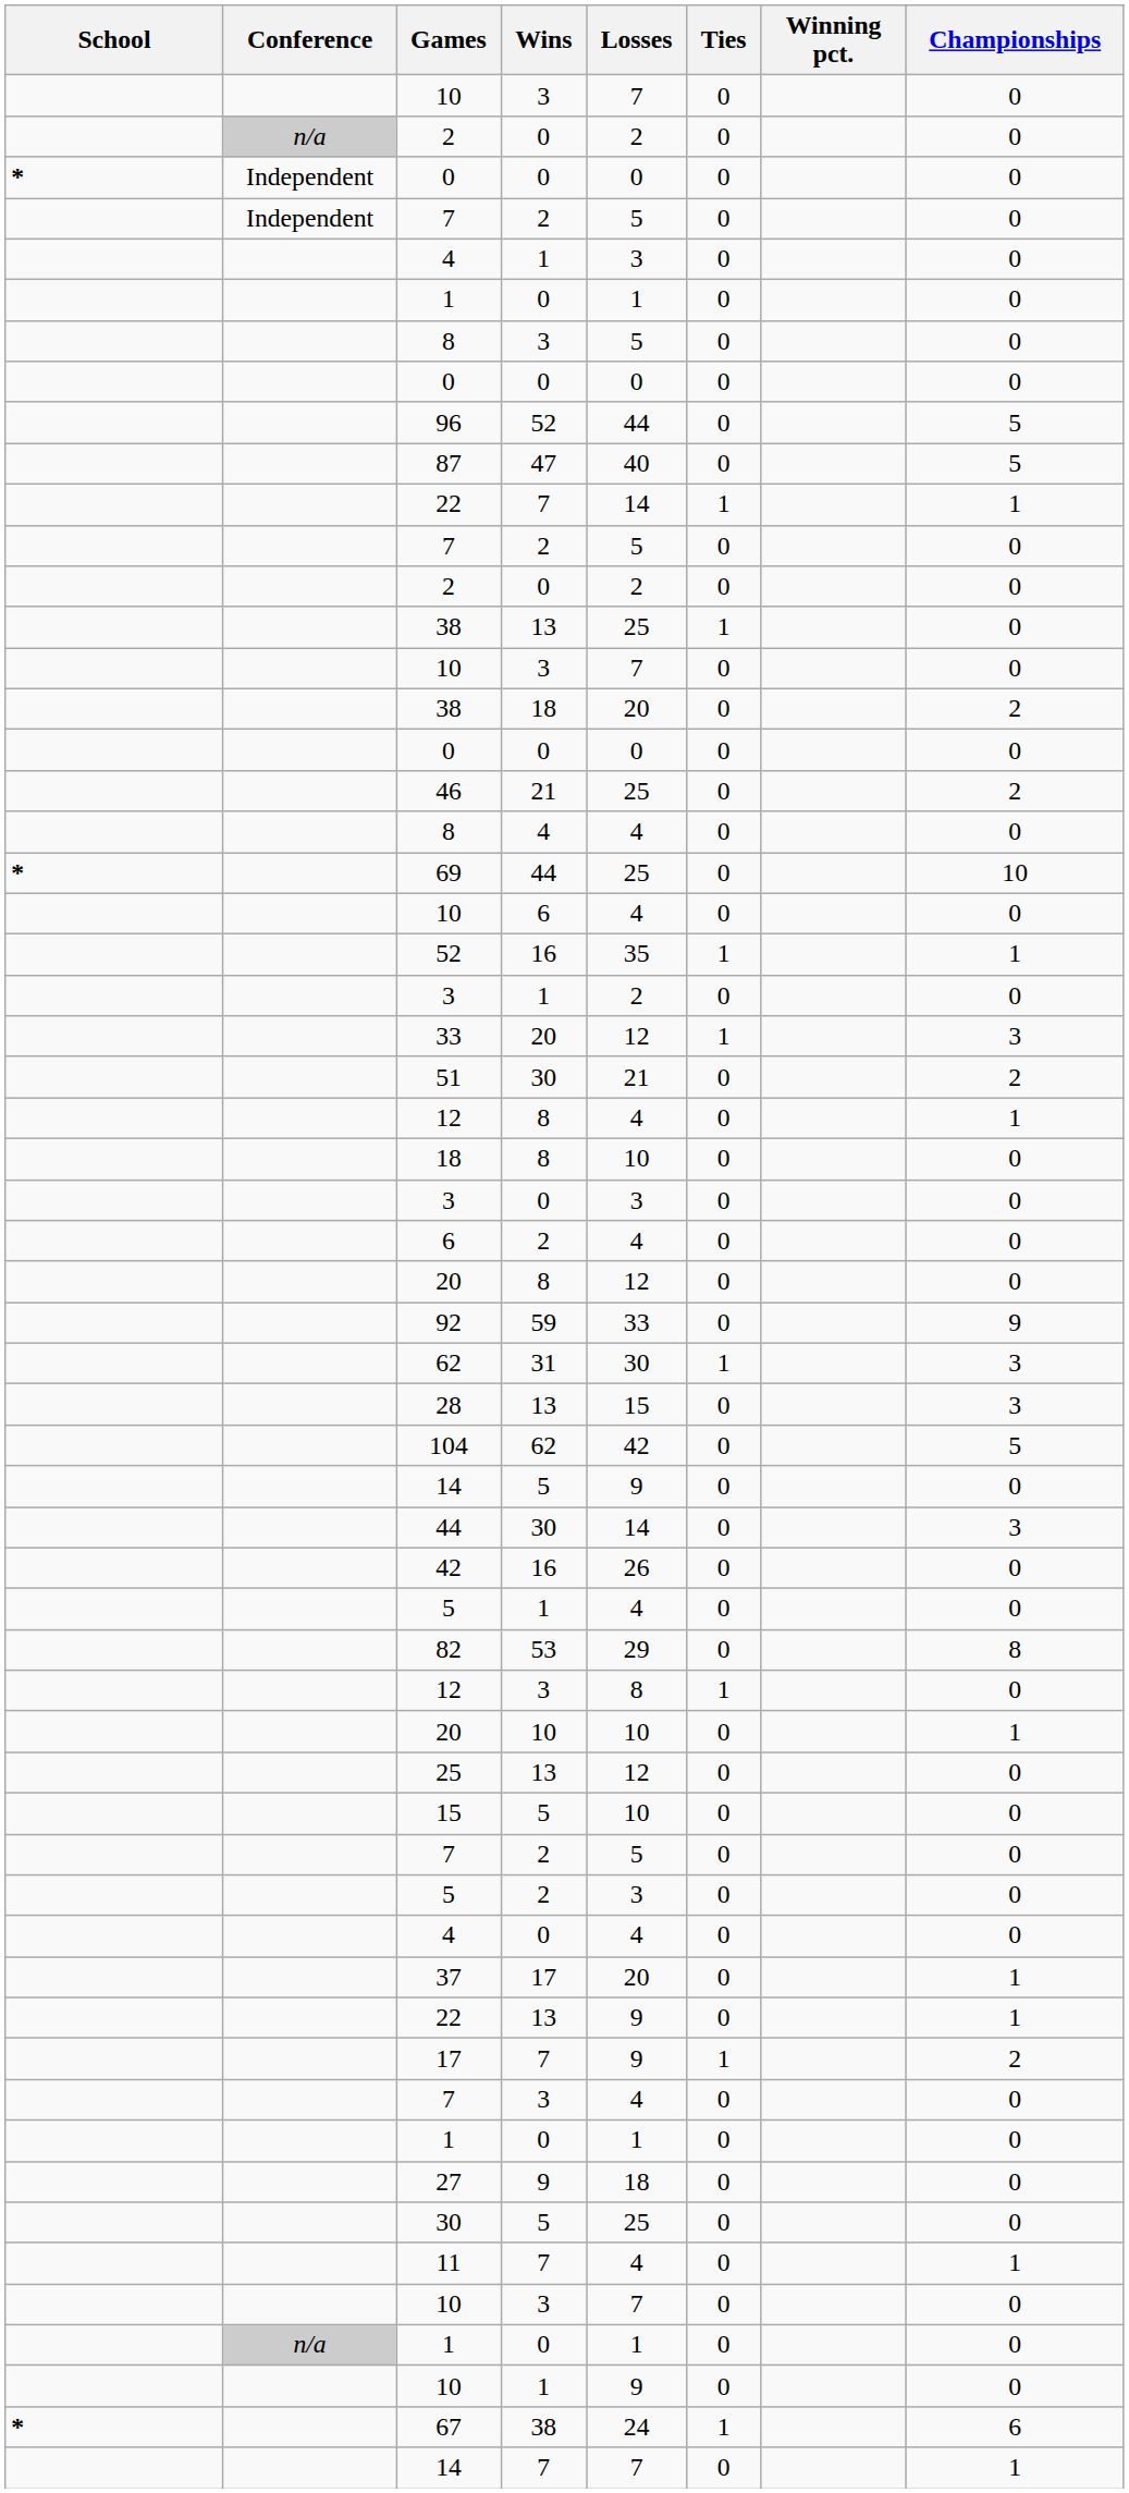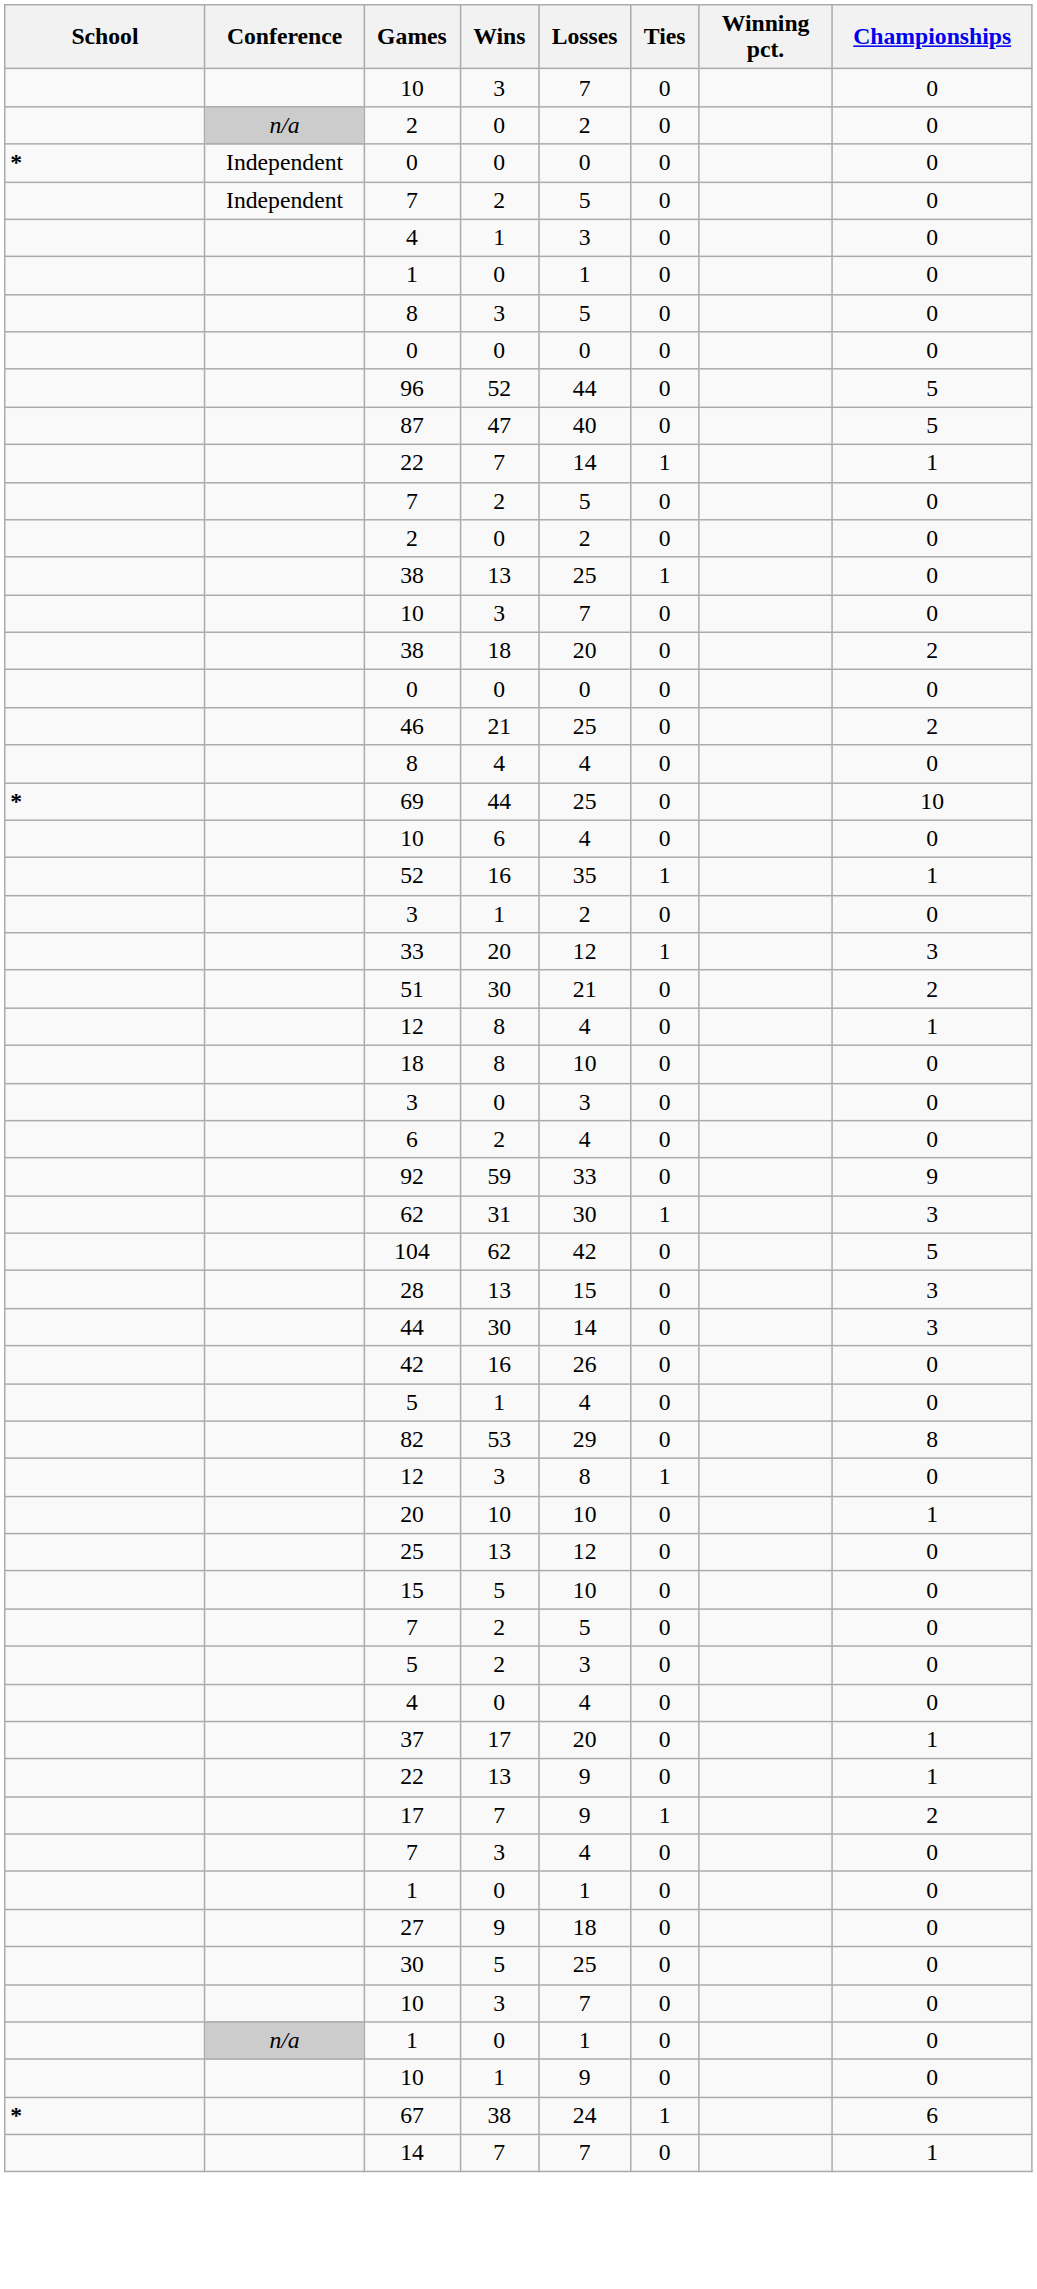 <table class="wikitable sortable" style="text-align:center" width=55%>
 <tr>
 <th width=15%>School</th>
 <th width=10%>Conference</th>
 <th width=5%>Games</th>
 <th width=5%>Wins</th>
 <th width=5%>Losses</th>
 <th width=5%>Ties</th>
 <th width=10%>Winning pct.</th>
 <th width=10%><a href='#'>Championships</a></th>
 </tr>
 <tr>
 <td align=left><strong><a href='#'></a></strong></td>
 <td><a href='#'></a></td>
 <td>10</td>
 <td>3</td>
 <td>7</td>
 <td>0</td>
 <td></td>
 <td>0</td>
 </tr>
 <tr>
 <td align=left><strong><em><a href='#'></a></em></strong></td>
 <td bgcolor=cccccc><em>n/a</em></td>
 <td>2</td>
 <td>0</td>
 <td>2</td>
 <td>0</td>
 <td></td>
 <td>0</td>
 </tr>
 <tr>
 <td align=left><strong><a href='#'></a>*</strong></td>
 <td>Independent</td>
 <td>0</td>
 <td>0</td>
 <td>0</td>
 <td>0</td>
 <td></td>
 <td>0</td>
 </tr>
 <tr>
 <td align=left><strong><a href='#'></a></strong></td>
 <td>Independent</td>
 <td>7</td>
 <td>2</td>
 <td>5</td>
 <td>0</td>
 <td></td>
 <td>0</td>
 </tr>
 <tr>
 <td align=left><strong><a href='#'></a></strong></td>
 <td><a href='#'></a></td>
 <td>4</td>
 <td>1</td>
 <td>3</td>
 <td>0</td>
 <td></td>
 <td>0</td>
 </tr>
 <tr>
 <td align=left><strong><a href='#'></a></strong></td>
 <td><a href='#'></a></td>
 <td>1</td>
 <td>0</td>
 <td>1</td>
 <td>0</td>
 <td></td>
 <td>0</td>
 </tr>
 <tr>
 <td align=left><strong><a href='#'></a></strong></td>
 <td><a href='#'></a></td>
 <td>8</td>
 <td>3</td>
 <td>5</td>
 <td>0</td>
 <td></td>
 <td>0</td>
 </tr>
 <tr>
 <td align=left><strong><a href='#'></a></strong></td>
 <td><a href='#'></a></td>
 <td>0</td>
 <td>0</td>
 <td>0</td>
 <td>0</td>
 <td></td>
 <td>0</td>
 </tr>
 <tr>
 <td align=left><strong><a href='#'></a></strong></td>
 <td><a href='#'></a></td>
 <td>96</td>
 <td>52</td>
 <td>44</td>
 <td>0</td>
 <td></td>
 <td>5</td>
 </tr>
 <tr>
 <td align=left><strong><a href='#'></a></strong></td>
 <td><a href='#'></a></td>
 <td>87</td>
 <td>47</td>
 <td>40</td>
 <td>0</td>
 <td></td>
 <td>5</td>
 </tr>
 <tr>
 <td align=left><strong><a href='#'></a></strong></td>
 <td><a href='#'></a></td>
 <td>22</td>
 <td>7</td>
 <td>14</td>
 <td>1</td>
 <td></td>
 <td>1</td>
 </tr>
 <tr>
 <td align=left><strong><a href='#'></a></strong></td>
 <td><a href='#'></a></td>
 <td>7</td>
 <td>2</td>
 <td>5</td>
 <td>0</td>
 <td></td>
 <td>0</td>
 </tr>
 <tr>
 <td align=left><strong><a href='#'></a></strong></td>
 <td><a href='#'></a></td>
 <td>2</td>
 <td>0</td>
 <td>2</td>
 <td>0</td>
 <td></td>
 <td>0</td>
 </tr>
 <tr>
 <td align=left><strong><a href='#'></a></strong></td>
 <td><a href='#'></a></td>
 <td>38</td>
 <td>13</td>
 <td>25</td>
 <td>1</td>
 <td></td>
 <td>0</td>
 </tr>
 <tr>
 <td align=left><strong><a href='#'></a></strong></td>
 <td><a href='#'></a></td>
 <td>10</td>
 <td>3</td>
 <td>7</td>
 <td>0</td>
 <td></td>
 <td>0</td>
 </tr>
 <tr>
 <td align=left><strong><a href='#'></a></strong></td>
 <td><a href='#'></a></td>
 <td>38</td>
 <td>18</td>
 <td>20</td>
 <td>0</td>
 <td></td>
 <td>2</td>
 </tr>
 <tr>
 <td align=left><strong><a href='#'></a></strong></td>
 <td><a href='#'></a></td>
 <td>0</td>
 <td>0</td>
 <td>0</td>
 <td>0</td>
 <td></td>
 <td>0</td>
 </tr>
 <tr>
 <td align=left><strong><a href='#'></a></strong></td>
 <td><a href='#'></a></td>
 <td>46</td>
 <td>21</td>
 <td>25</td>
 <td>0</td>
 <td></td>
 <td>2</td>
 </tr>
 <tr>
 <td align=left><strong><a href='#'></a></strong></td>
 <td><a href='#'></a></td>
 <td>8</td>
 <td>4</td>
 <td>4</td>
 <td>0</td>
 <td></td>
 <td>0</td>
 </tr>
 <tr>
 <td align=left><strong><a href='#'></a>*</strong></td>
 <td><a href='#'></a></td>
 <td>69</td>
 <td>44</td>
 <td>25</td>
 <td>0</td>
 <td></td>
 <td>10</td>
 </tr>
 <tr>
 <td align=left><strong><a href='#'></a></strong></td>
 <td><a href='#'></a></td>
 <td>10</td>
 <td>6</td>
 <td>4</td>
 <td>0</td>
 <td></td>
 <td>0</td>
 </tr>
 <tr>
 <td align=left><strong><a href='#'></a></strong></td>
 <td><a href='#'></a></td>
 <td>52</td>
 <td>16</td>
 <td>35</td>
 <td>1</td>
 <td></td>
 <td>1</td>
 </tr>
 <tr>
 <td align=left><strong><a href='#'></a></strong></td>
 <td><a href='#'></a></td>
 <td>3</td>
 <td>1</td>
 <td>2</td>
 <td>0</td>
 <td></td>
 <td>0</td>
 </tr>
 <tr>
 <td align=left><strong><a href='#'></a></strong></td>
 <td><a href='#'></a></td>
 <td>33</td>
 <td>20</td>
 <td>12</td>
 <td>1</td>
 <td></td>
 <td>3</td>
 </tr>
 <tr>
 <td align=left><strong><a href='#'></a></strong></td>
 <td><a href='#'></a></td>
 <td>51</td>
 <td>30</td>
 <td>21</td>
 <td>0</td>
 <td></td>
 <td>2</td>
 </tr>
 <tr>
 <td align=left><strong><a href='#'></a></strong></td>
 <td><a href='#'></a></td>
 <td>12</td>
 <td>8</td>
 <td>4</td>
 <td>0</td>
 <td></td>
 <td>1</td>
 </tr>
 <tr>
 <td align=left><strong><a href='#'></a></strong></td>
 <td><a href='#'></a></td>
 <td>18</td>
 <td>8</td>
 <td>10</td>
 <td>0</td>
 <td></td>
 <td>0</td>
 </tr>
 <tr>
 <td align=left><strong><a href='#'></a></strong></td>
 <td><a href='#'></a></td>
 <td>3</td>
 <td>0</td>
 <td>3</td>
 <td>0</td>
 <td></td>
 <td>0</td>
 </tr>
 <tr>
 <td align=left><strong><a href='#'></a></strong></td>
 <td><a href='#'></a></td>
 <td>6</td>
 <td>2</td>
 <td>4</td>
 <td>0</td>
 <td></td>
 <td>0</td>
 </tr>
 <tr>
 <td align=left><strong><a href='#'></a></strong></td>
 <td><a href='#'></a></td>
-<td>20</td>
-<td>8</td>
-<td>12</td>
-<td>0</td>
-<td></td>
-<td>0</td>
-</tr>
-<tr>
-<td align=left><strong><a href='#'></a></strong></td>
-<td><a href='#'></a></td>
 <td>92</td>
 <td>59</td>
 <td>33</td>
 <td>0</td>
 <td></td>
 <td>9</td>
 </tr>
 <tr>
 <td align=left><strong><a href='#'></a></strong></td>
 <td><a href='#'></a></td>
 <td>62</td>
 <td>31</td>
 <td>30</td>
 <td>1</td>
 <td></td>
 <td>3</td>
 </tr>
 <tr>
 <td align=left><strong><a href='#'></a></strong></td>
 <td><a href='#'></a></td>
-<td>28</td>
-<td>13</td>
-<td>15</td>
-<td>0</td>
-<td></td>
-<td>3</td>
-</tr>
-<tr>
-<td align=left><strong><a href='#'></a></strong></td>
-<td><a href='#'></a></td>
 <td>104</td>
 <td>62</td>
 <td>42</td>
 <td>0</td>
 <td></td>
 <td>5</td>
 </tr>
 <tr>
 <td align=left><strong><a href='#'></a></strong></td>
 <td><a href='#'></a></td>
-<td>14</td>
-<td>5</td>
-<td>9</td>
+<td>28</td>
+<td>13</td>
+<td>15</td>
 <td>0</td>
 <td></td>
-<td>0</td>
+<td>3</td>
 </tr>
 <tr>
 <td align=left><strong><a href='#'></a></strong></td>
 <td><a href='#'></a></td>
 <td>44</td>
 <td>30</td>
 <td>14</td>
 <td>0</td>
 <td></td>
 <td>3</td>
 </tr>
 <tr>
 <td align=left><strong><a href='#'></a></strong></td>
 <td><a href='#'></a></td>
 <td>42</td>
 <td>16</td>
 <td>26</td>
 <td>0</td>
 <td></td>
 <td>0</td>
 </tr>
 <tr>
 <td align=left><strong><a href='#'></a></strong></td>
 <td><a href='#'></a></td>
 <td>5</td>
 <td>1</td>
 <td>4</td>
 <td>0</td>
 <td></td>
 <td>0</td>
 </tr>
 <tr>
 <td align=left><strong><a href='#'></a></strong></td>
 <td><a href='#'></a></td>
 <td>82</td>
 <td>53</td>
 <td>29</td>
 <td>0</td>
 <td></td>
 <td>8</td>
 </tr>
 <tr>
 <td align=left><strong><a href='#'></a></strong></td>
 <td><a href='#'></a></td>
 <td>12</td>
 <td>3</td>
 <td>8</td>
 <td>1</td>
 <td></td>
 <td>0</td>
 </tr>
 <tr>
 <td align=left><strong><a href='#'></a></strong></td>
 <td><a href='#'></a></td>
 <td>20</td>
 <td>10</td>
 <td>10</td>
 <td>0</td>
 <td></td>
 <td>1</td>
 </tr>
 <tr>
 <td align=left><strong><a href='#'></a></strong></td>
 <td><a href='#'></a></td>
 <td>25</td>
 <td>13</td>
 <td>12</td>
 <td>0</td>
 <td></td>
 <td>0</td>
 </tr>
 <tr>
 <td align=left><strong><a href='#'></a></strong></td>
 <td><a href='#'></a></td>
 <td>15</td>
 <td>5</td>
 <td>10</td>
 <td>0</td>
 <td></td>
 <td>0</td>
 </tr>
 <tr>
 <td align=left><strong><a href='#'></a></strong></td>
 <td><a href='#'></a></td>
 <td>7</td>
 <td>2</td>
 <td>5</td>
 <td>0</td>
 <td></td>
 <td>0</td>
 </tr>
 <tr>
 <td align=left><strong><a href='#'></a></strong></td>
 <td><a href='#'></a></td>
 <td>5</td>
 <td>2</td>
 <td>3</td>
 <td>0</td>
 <td></td>
 <td>0</td>
 </tr>
 <tr>
 <td align=left><strong><a href='#'></a></strong></td>
 <td><a href='#'></a></td>
 <td>4</td>
 <td>0</td>
 <td>4</td>
 <td>0</td>
 <td></td>
 <td>0</td>
 </tr>
 <tr>
 <td align=left><strong><a href='#'></a></strong></td>
 <td><a href='#'></a></td>
 <td>37</td>
 <td>17</td>
 <td>20</td>
 <td>0</td>
 <td></td>
 <td>1</td>
 </tr>
 <tr>
 <td align=left><strong><a href='#'></a></strong></td>
 <td><a href='#'></a></td>
 <td>22</td>
 <td>13</td>
 <td>9</td>
 <td>0</td>
 <td></td>
 <td>1</td>
 </tr>
 <tr>
 <td align=left><strong><a href='#'></a></strong></td>
 <td><a href='#'></a></td>
 <td>17</td>
 <td>7</td>
 <td>9</td>
 <td>1</td>
 <td></td>
 <td>2</td>
 </tr>
 <tr>
 <td align=left><strong><a href='#'></a></strong></td>
 <td><a href='#'></a></td>
 <td>7</td>
 <td>3</td>
 <td>4</td>
 <td>0</td>
 <td></td>
 <td>0</td>
 </tr>
 <tr>
 <td align=left><strong><a href='#'></a></strong></td>
 <td><a href='#'></a></td>
 <td>1</td>
 <td>0</td>
 <td>1</td>
 <td>0</td>
 <td></td>
 <td>0</td>
 </tr>
 <tr>
 <td align=left><strong><a href='#'></a></strong></td>
 <td><a href='#'></a></td>
 <td>27</td>
 <td>9</td>
 <td>18</td>
 <td>0</td>
 <td></td>
 <td>0</td>
 </tr>
 <tr>
 <td align=left><strong><a href='#'></a></strong></td>
 <td><a href='#'></a></td>
 <td>30</td>
 <td>5</td>
 <td>25</td>
 <td>0</td>
 <td></td>
 <td>0</td>
 </tr>
 <tr>
 <td align=left><strong><a href='#'></a></strong></td>
 <td><a href='#'></a></td>
-<td>11</td>
-<td>7</td>
-<td>4</td>
-<td>0</td>
-<td></td>
-<td>1</td>
-</tr>
-<tr>
-<td align=left><strong><a href='#'></a></strong></td>
-<td><a href='#'></a></td>
 <td>10</td>
 <td>3</td>
 <td>7</td>
 <td>0</td>
 <td></td>
 <td>0</td>
 </tr>
 <tr>
 <td align=left><strong><em><a href='#'></a></em></strong></td>
 <td bgcolor=cccccc><em>n/a</em></td>
 <td>1</td>
 <td>0</td>
 <td>1</td>
 <td>0</td>
 <td></td>
 <td>0</td>
 </tr>
 <tr>
 <td align=left><strong><a href='#'></a></strong></td>
 <td><a href='#'></a></td>
 <td>10</td>
 <td>1</td>
 <td>9</td>
 <td>0</td>
 <td></td>
 <td>0</td>
 </tr>
 <tr>
 <td align=left><strong><a href='#'></a>*</strong></td>
 <td><a href='#'></a></td>
 <td>67</td>
 <td>38</td>
 <td>24</td>
 <td>1</td>
 <td></td>
 <td>6</td>
 </tr>
 <tr>
 <td align=left><strong><a href='#'></a></strong></td>
 <td><a href='#'></a></td>
 <td>14</td>
 <td>7</td>
 <td>7</td>
 <td>0</td>
 <td></td>
 <td>1</td>
 </tr>
 </table>
